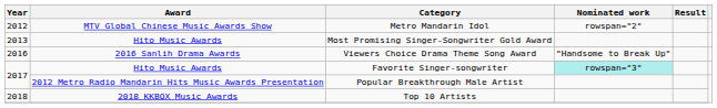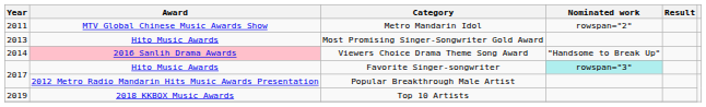 <table class="wikitable sortable">
 <tr>
 <th>Year</th>
 <th>Award</th>
 <th>Category</th>
 <th>Nominated work</th>
 <th>Result</th>
 <th class="unsortable"></th>
 </tr>
 <tr align= "center">
-<td>2012</td>
+<td>2011</td>
 <td><a href='#'>MTV Global Chinese Music Awards Show</a></td>
 <td>Metro Mandarin Idol</td>
 <td>rowspan="2" </td>
 <td></td>
 <td></td>
 </tr>
 <tr align= "center">
 <td>2013</td>
 <td><a href='#'>Hito Music Awards</a></td>
 <td>Most Promising Singer-Songwriter Gold Award</td>
 <td></td>
 <td></td>
 </tr>
 <tr align= "center">
-<td>2016</td>
-<td><a href='#'>2016 Sanlih Drama Awards</a></td>
+<td>2014</td>
+<td style="background: pink;"><a href='#'>2016 Sanlih Drama Awards</a></td>
 <td>Viewers Choice Drama Theme Song Award</td>
 <td>"Handsome to Break Up"</td>
 <td></td>
 <td></td>
 </tr>
 <tr align= "center">
 <td rowspan="2">2017</td>
 <td><a href='#'>Hito Music Awards</a></td>
 <td>Favorite Singer-songwriter</td>
 <td style="background: paleturquoise;">rowspan="3"</td>
 <td></td>
 <td></td>
 </tr>
 <tr align= "center">
 <td><a href='#'>2012 Metro Radio Mandarin Hits Music Awards Presentation</a></td>
 <td>Popular Breakthrough Male Artist</td>
 <td></td>
 <td></td>
 </tr>
 <tr align= "center">
-<td>2018</td>
+<td>2019</td>
 <td><a href='#'>2018 KKBOX Music Awards</a></td>
 <td>Top 10 Artists</td>
 <td></td>
 <td></td>
 </tr>
 <tr align= "center">
 </tr>
 </table>
